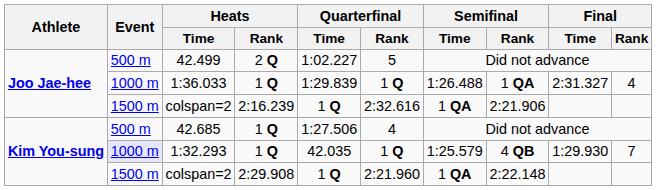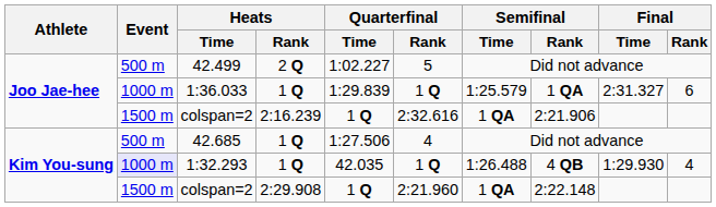 <table class="wikitable" style="font-size:90%">
 <tr>
 <th rowspan=2>Athlete</th>
 <th rowspan=2>Event</th>
 <th colspan=2>Heats</th>
 <th colspan=2>Quarterfinal</th>
 <th colspan=2>Semifinal</th>
 <th colspan=2>Final</th>
 </tr>
 <tr style="font-size:95%">
 <th>Time</th>
 <th>Rank</th>
 <th>Time</th>
 <th>Rank</th>
 <th>Time</th>
 <th>Rank</th>
 <th>Time</th>
 <th>Rank</th>
 </tr>
 <tr align=center>
 <td align=left rowspan=3><strong><a href='#'>Joo Jae-hee</a></strong></td>
 <td align=left><a href='#'>500 m</a></td>
 <td>42.499</td>
 <td>2 <strong>Q</strong></td>
 <td>1:02.227</td>
 <td>5</td>
 <td colspan=4>Did not advance</td>
 </tr>
 <tr align=center>
 <td align=left><a href='#'>1000 m</a></td>
 <td>1:36.033</td>
 <td>1 <strong>Q</strong></td>
 <td>1:29.839</td>
 <td>1 <strong>Q</strong></td>
-<td>1:26.488</td>
+<td>1:25.579</td>
 <td>1 <strong>QA</strong></td>
 <td>2:31.327</td>
-<td>4</td>
+<td>6</td>
 </tr>
 <tr align=center>
 <td align=left><a href='#'>1500 m</a></td>
 <td>colspan=2</td>
 <td>2:16.239</td>
 <td>1 <strong>Q</strong></td>
 <td>2:32.616</td>
 <td>1 <strong>QA</strong></td>
 <td>2:21.906</td>
 <td></td>
 </tr>
 <tr align=center>
 <td align=left rowspan=3><strong><a href='#'>Kim You-sung</a></strong></td>
 <td align=left><a href='#'>500 m</a></td>
 <td>42.685</td>
 <td>1 <strong>Q</strong></td>
 <td>1:27.506</td>
 <td>4</td>
 <td colspan=4>Did not advance</td>
 </tr>
 <tr align=center>
 <td align=left style="background: lavender;"><a href='#'>1000 m</a></td>
 <td>1:32.293</td>
 <td>1 <strong>Q</strong></td>
 <td>42.035</td>
 <td>1 <strong>Q</strong></td>
-<td>1:25.579</td>
+<td>1:26.488</td>
 <td>4 <strong>QB</strong></td>
 <td>1:29.930</td>
-<td>7</td>
+<td>4</td>
 </tr>
 <tr align=center>
 <td align=left><a href='#'>1500 m</a></td>
 <td>colspan=2</td>
 <td>2:29.908</td>
 <td>1 <strong>Q</strong></td>
 <td>2:21.960</td>
 <td>1 <strong>QA</strong></td>
 <td>2:22.148</td>
 <td></td>
 </tr>
 </table>
